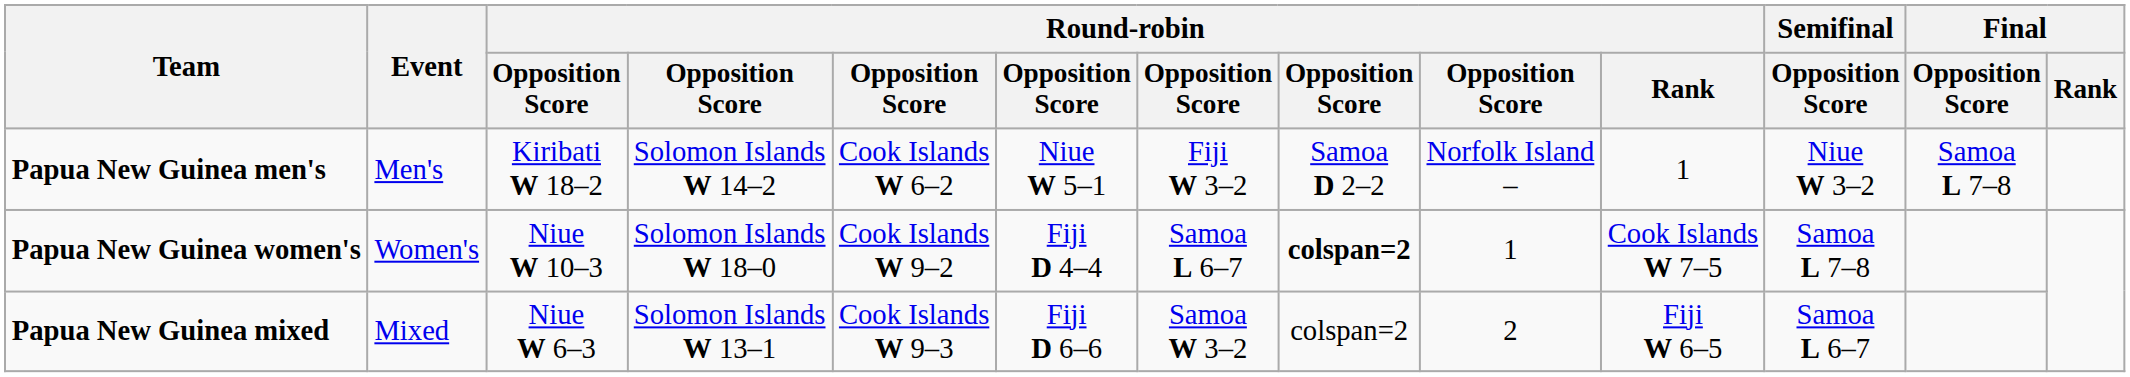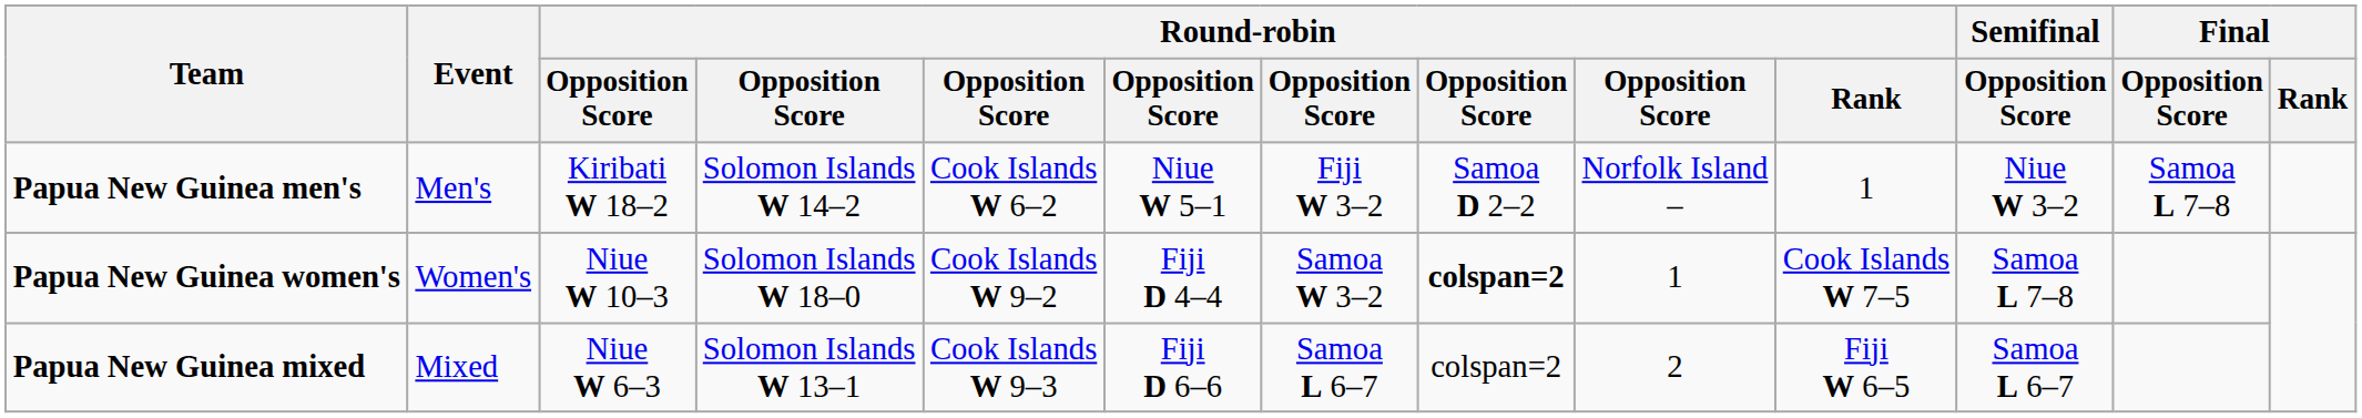 <table class=wikitable style=font-size:90%;text-align:center>
 <tr>
 <th rowspan=2>Team</th>
 <th rowspan=2>Event</th>
 <th colspan=8>Round-robin</th>
 <th>Semifinal</th>
 <th colspan=2>Final</th>
 </tr>
 <tr style=font-size:95%>
 <th>Opposition<br>Score</th>
 <th>Opposition<br>Score</th>
 <th>Opposition<br>Score</th>
 <th>Opposition<br>Score</th>
 <th>Opposition<br>Score</th>
 <th>Opposition<br>Score</th>
 <th>Opposition<br>Score</th>
 <th>Rank</th>
 <th>Opposition<br>Score</th>
 <th>Opposition<br>Score</th>
 <th>Rank</th>
 </tr>
 <tr>
 <td align=left><strong>Papua New Guinea men's</strong></td>
 <td align=left><a href='#'>Men's</a></td>
 <td> <a href='#'>Kiribati</a><br><strong>W</strong> 18–2</td>
 <td> <a href='#'>Solomon Islands</a><br><strong>W</strong> 14–2</td>
 <td> <a href='#'>Cook Islands</a><br><strong>W</strong> 6–2</td>
 <td> <a href='#'>Niue</a><br><strong>W</strong> 5–1</td>
 <td> <a href='#'>Fiji</a><br><strong>W</strong> 3–2</td>
 <td> <a href='#'>Samoa</a><br><strong>D</strong> 2–2</td>
 <td> <a href='#'>Norfolk Island</a><br> –</td>
 <td>1</td>
 <td> <a href='#'>Niue</a><br><strong>W</strong> 3–2</td>
 <td> <a href='#'>Samoa</a><br><strong>L</strong> 7–8</td>
 <td></td>
 </tr>
 <tr>
 <td align=left><strong>Papua New Guinea women's</strong></td>
 <td align=left><a href='#'>Women's</a></td>
 <td> <a href='#'>Niue</a><br><strong>W</strong> 10–3</td>
 <td> <a href='#'>Solomon Islands</a><br><strong>W</strong> 18–0</td>
 <td> <a href='#'>Cook Islands</a><br><strong>W</strong> 9–2</td>
 <td> <a href='#'>Fiji</a><br><strong>D</strong> 4–4</td>
-<td> <a href='#'>Samoa</a><br><strong>L</strong> 6–7</td>
+<td> <a href='#'>Samoa</a><br><strong>W</strong> 3–2</td>
 <td><strong>colspan=2 </strong></td>
 <td>1</td>
 <td> <a href='#'>Cook Islands</a><br><strong>W</strong> 7–5</td>
 <td> <a href='#'>Samoa</a><br><strong>L</strong> 7–8</td>
 <td></td>
 </tr>
 <tr>
 <td align=left><strong>Papua New Guinea mixed</strong></td>
 <td align=left><a href='#'>Mixed</a></td>
 <td> <a href='#'>Niue</a><br><strong>W</strong> 6–3</td>
 <td> <a href='#'>Solomon Islands</a><br><strong>W</strong> 13–1</td>
 <td> <a href='#'>Cook Islands</a><br><strong>W</strong> 9–3</td>
 <td> <a href='#'>Fiji</a><br><strong>D</strong> 6–6</td>
-<td> <a href='#'>Samoa</a><br><strong>W</strong> 3–2</td>
+<td> <a href='#'>Samoa</a><br><strong>L</strong> 6–7</td>
 <td>colspan=2 </td>
 <td>2</td>
 <td> <a href='#'>Fiji</a><br><strong>W</strong> 6–5</td>
 <td> <a href='#'>Samoa</a><br><strong>L</strong> 6–7</td>
 <td></td>
 </tr>
 </table>
